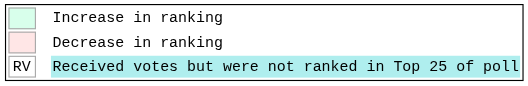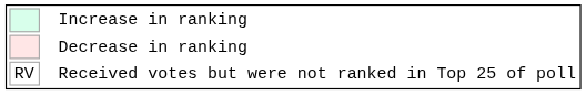 <table style="border:1px solid black;" align=right>
 <tr>
 <td style="background:#D8FFEB; width:20px; border:1px solid #aaaaaa;"> </td>
 <td rowspan=5> </td>
 <td>Increase in ranking</td>
 </tr>
 <tr>
 <td style="background:#FFE6E6; width:20px; border:1px solid #aaaaaa;"> </td>
 <td>Decrease in ranking</td>
 </tr>
 <tr>
 <td align=center style="width:20px; border:1px solid #aaaaaa; background:white;">RV</td>
-<td style="background: paleturquoise;">Received votes but were not ranked in Top 25 of poll</td>
+<td>Received votes but were not ranked in Top 25 of poll</td>
 </tr>
 </table>
